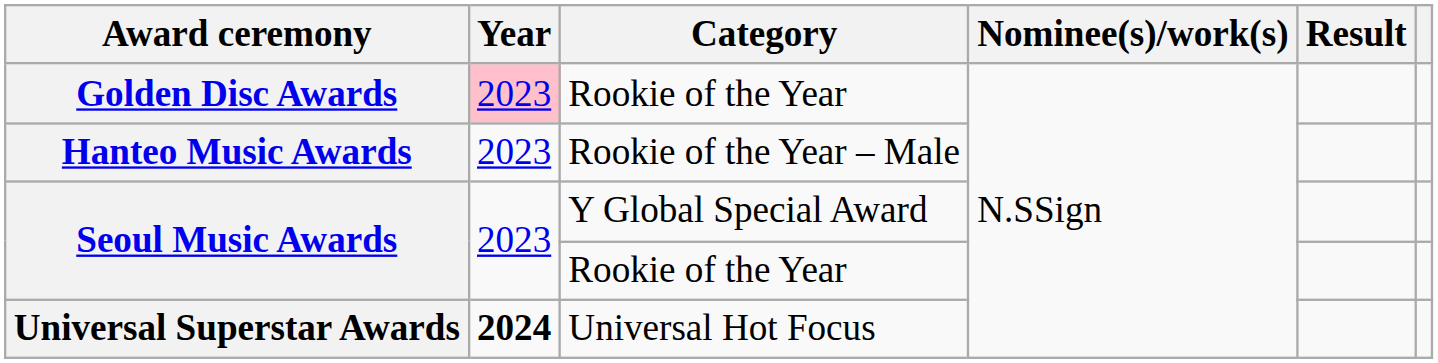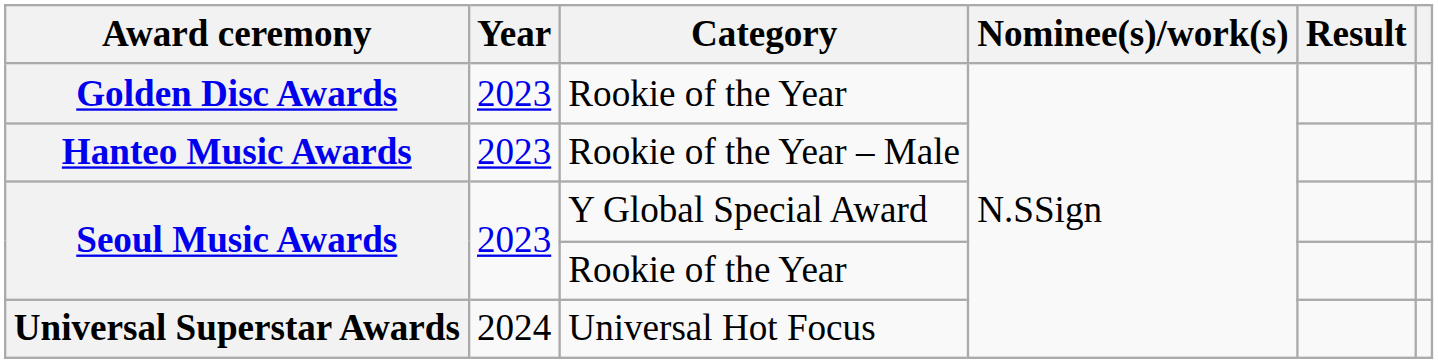 <table class="wikitable sortable plainrowheaders">
 <tr>
 <th scope="col">Award ceremony</th>
 <th scope="col">Year</th>
 <th scope="col">Category</th>
 <th scope="col">Nominee(s)/work(s)</th>
 <th scope="col">Result</th>
 <th scope="col" class="unsortable"></th>
 </tr>
 <tr>
 <th scope="row"><a href='#'>Golden Disc Awards</a></th>
-<td style="background: pink; text-align:center"><a href='#'>2023</a></td>
+<td style="text-align:center"><a href='#'>2023</a></td>
 <td>Rookie of the Year</td>
 <td rowspan="5">N.SSign</td>
 <td></td>
 <td style="text-align:center"></td>
 </tr>
 <tr>
 <th scope="row"><a href='#'>Hanteo Music Awards</a></th>
 <td style="text-align:center"><a href='#'>2023</a></td>
 <td>Rookie of the Year – Male</td>
 <td></td>
 <td style="text-align:center"></td>
 </tr>
 <tr>
 <th scope="row" rowspan="2"><a href='#'>Seoul Music Awards</a></th>
 <td rowspan="2" style="text-align:center"><a href='#'>2023</a></td>
 <td>Y Global Special Award</td>
 <td></td>
 <td style="text-align:center"></td>
 </tr>
 <tr>
 <td>Rookie of the Year</td>
 <td></td>
 <td style="text-align:center"></td>
 </tr>
 <tr>
 <th scope="row">Universal Superstar Awards</th>
-<td style="text-align:center"><strong>2024</strong></td>
+<td style="text-align:center">2024</td>
 <td>Universal Hot Focus</td>
 <td></td>
 <td style="text-align:center"></td>
 </tr>
 </table>
